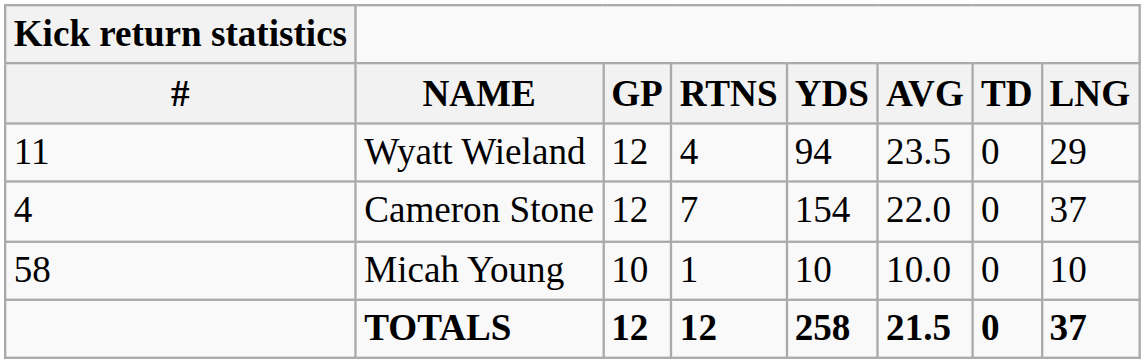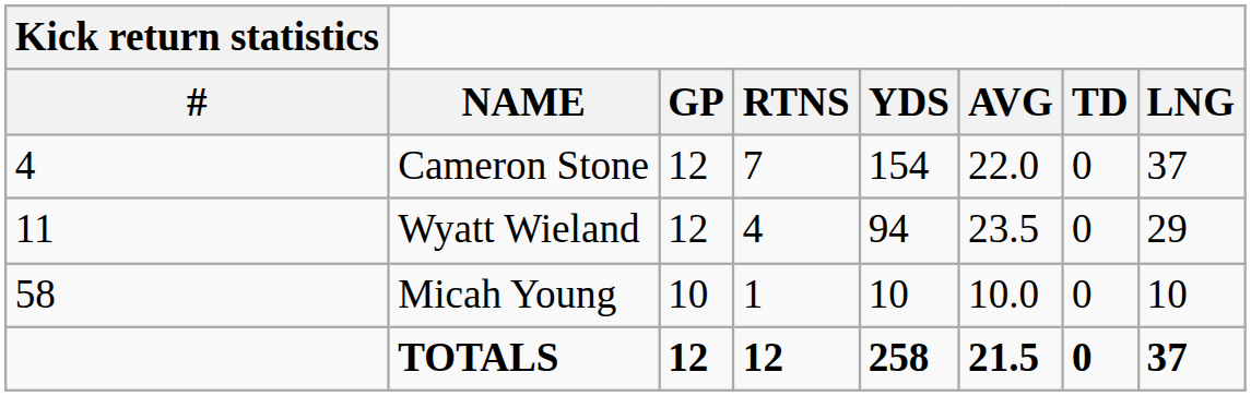 <table class="wikitable collapsible">
 <tr>
 <th style="text-align:center; ">Kick return statistics</th>
 </tr>
 <tr>
 <th>#</th>
 <th>NAME</th>
 <th>GP</th>
 <th>RTNS</th>
 <th>YDS</th>
 <th>AVG</th>
 <th>TD</th>
 <th>LNG</th>
 </tr>
 <tr>
+<td>4</td>
+<td>Cameron Stone</td>
+<td>12</td>
+<td>7</td>
+<td>154</td>
+<td>22.0</td>
+<td>0</td>
+<td>37</td>
+</tr>
+<tr>
 <td>11</td>
 <td>Wyatt Wieland</td>
 <td>12</td>
 <td>4</td>
 <td>94</td>
 <td>23.5</td>
 <td>0</td>
 <td>29</td>
-</tr>
-<tr>
-<td>4</td>
-<td>Cameron Stone</td>
-<td>12</td>
-<td>7</td>
-<td>154</td>
-<td>22.0</td>
-<td>0</td>
-<td>37</td>
 </tr>
 <tr>
 <td>58</td>
 <td>Micah Young</td>
 <td>10</td>
 <td>1</td>
 <td>10</td>
 <td>10.0</td>
 <td>0</td>
 <td>10</td>
 </tr>
 <tr>
 <td></td>
 <td><strong>TOTALS</strong></td>
 <td><strong>12</strong></td>
 <td><strong>12</strong></td>
 <td><strong>258</strong></td>
 <td><strong>21.5</strong></td>
 <td><strong>0</strong></td>
 <td><strong>37</strong></td>
 </tr>
 </table>
